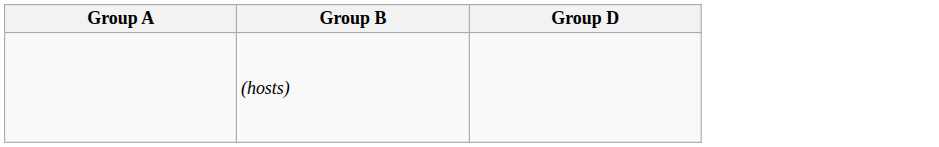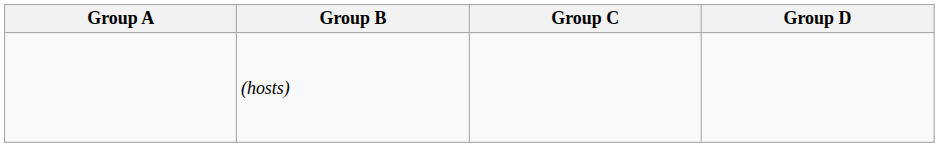 <table class="wikitable">
 <tr>
 <th width=200px>Group A</th>
 <th width=200px>Group B</th>
+<th width=200px>Group C</th>
 <th width=200px>Group D</th>
 </tr>
 <tr>
 <td><br> <br>  <br>  <br> </td>
 <td><br> <br>  <em>(hosts)</em> <br>  <br>  <br></td>
 <td><br> <br>  <br>  <br> </td>
+<td><br> <br>  <br>  <br> </td>
 </tr>
 </table>
